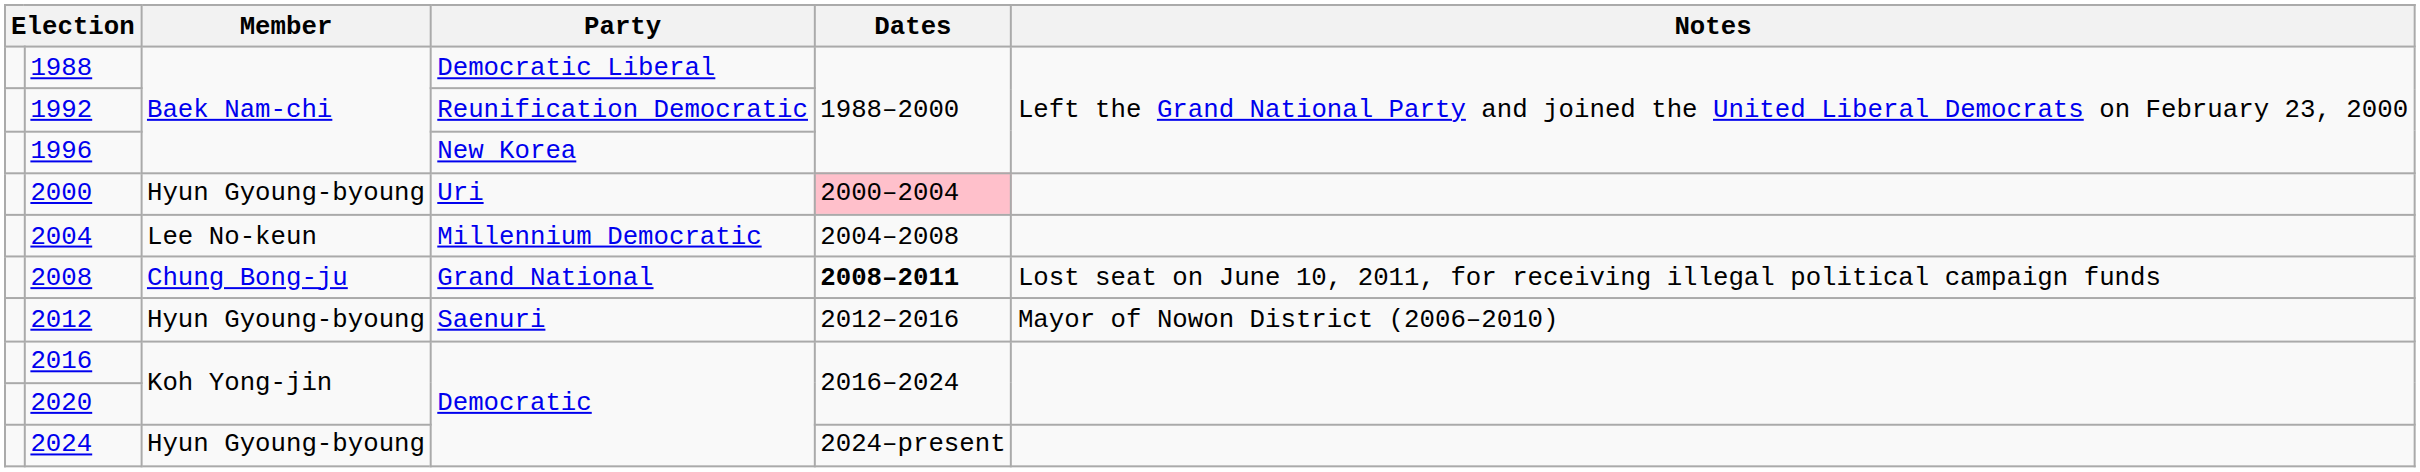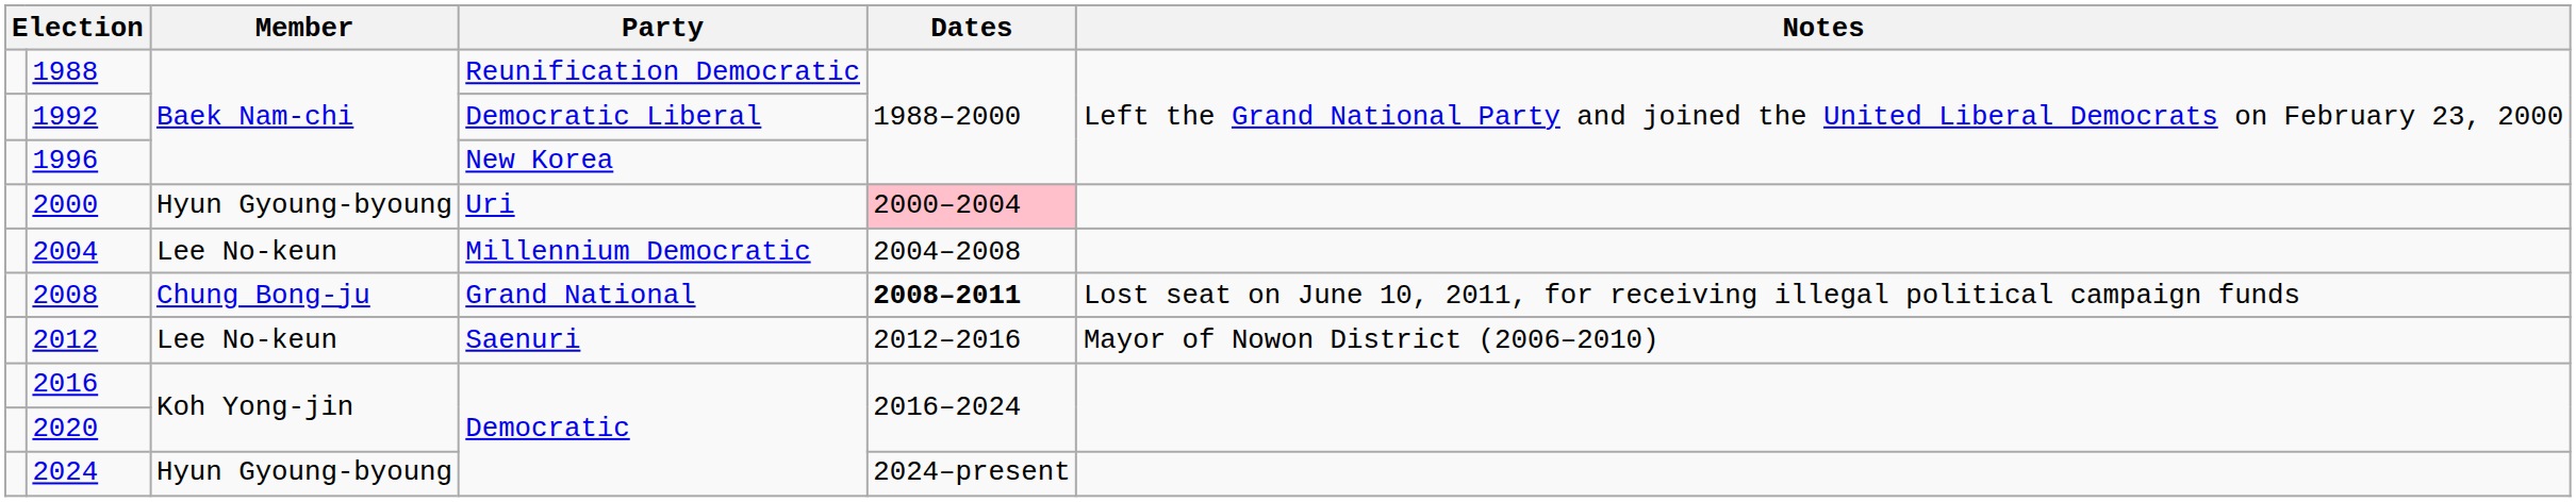 <table class="wikitable">
 <tr>
 <th colspan="2">Election</th>
 <th>Member</th>
 <th>Party</th>
 <th>Dates</th>
 <th>Notes</th>
 </tr>
 <tr>
 <td></td>
 <td><a href='#'>1988</a></td>
 <td rowspan="3"><a href='#'>Baek Nam-chi</a></td>
-<td><a href='#'>Democratic Liberal</a></td>
+<td><a href='#'>Reunification Democratic</a></td>
 <td rowspan="3">1988–2000</td>
 <td rowspan="3">Left the <a href='#'>Grand National Party</a> and joined the <a href='#'>United Liberal Democrats</a> on February 23, 2000</td>
 </tr>
 <tr>
 <td></td>
 <td><a href='#'>1992</a></td>
-<td><a href='#'>Reunification Democratic</a></td>
+<td><a href='#'>Democratic Liberal</a></td>
 </tr>
 <tr>
 <td></td>
 <td><a href='#'>1996</a></td>
 <td><a href='#'>New Korea</a></td>
 </tr>
 <tr>
 <td></td>
 <td><a href='#'>2000</a></td>
 <td>Hyun Gyoung-byoung</td>
 <td><a href='#'>Uri</a></td>
 <td style="background: pink;">2000–2004</td>
 <td></td>
 </tr>
 <tr>
 <td></td>
 <td><a href='#'>2004</a></td>
 <td>Lee No-keun</td>
 <td><a href='#'>Millennium Democratic</a></td>
 <td>2004–2008</td>
 <td></td>
 </tr>
 <tr>
 <td></td>
 <td><a href='#'>2008</a></td>
 <td><a href='#'>Chung Bong-ju</a></td>
 <td><a href='#'>Grand National</a></td>
 <td><strong>2008–2011</strong></td>
 <td>Lost seat on June 10, 2011, for receiving illegal political campaign funds</td>
 </tr>
 <tr>
 <td></td>
 <td><a href='#'>2012</a></td>
-<td>Hyun Gyoung-byoung</td>
+<td>Lee No-keun</td>
 <td><a href='#'>Saenuri</a></td>
 <td>2012–2016</td>
 <td>Mayor of Nowon District (2006–2010)</td>
 </tr>
 <tr>
 <td></td>
 <td><a href='#'>2016</a></td>
 <td rowspan="2">Koh Yong-jin</td>
 <td rowspan="3"><a href='#'>Democratic</a></td>
 <td rowspan="2">2016–2024</td>
 <td rowspan="2"></td>
 </tr>
 <tr>
 <td></td>
 <td><a href='#'>2020</a></td>
 </tr>
 <tr>
 <td></td>
 <td><a href='#'>2024</a></td>
 <td>Hyun Gyoung-byoung</td>
 <td>2024–present</td>
 <td></td>
 </tr>
 </table>
